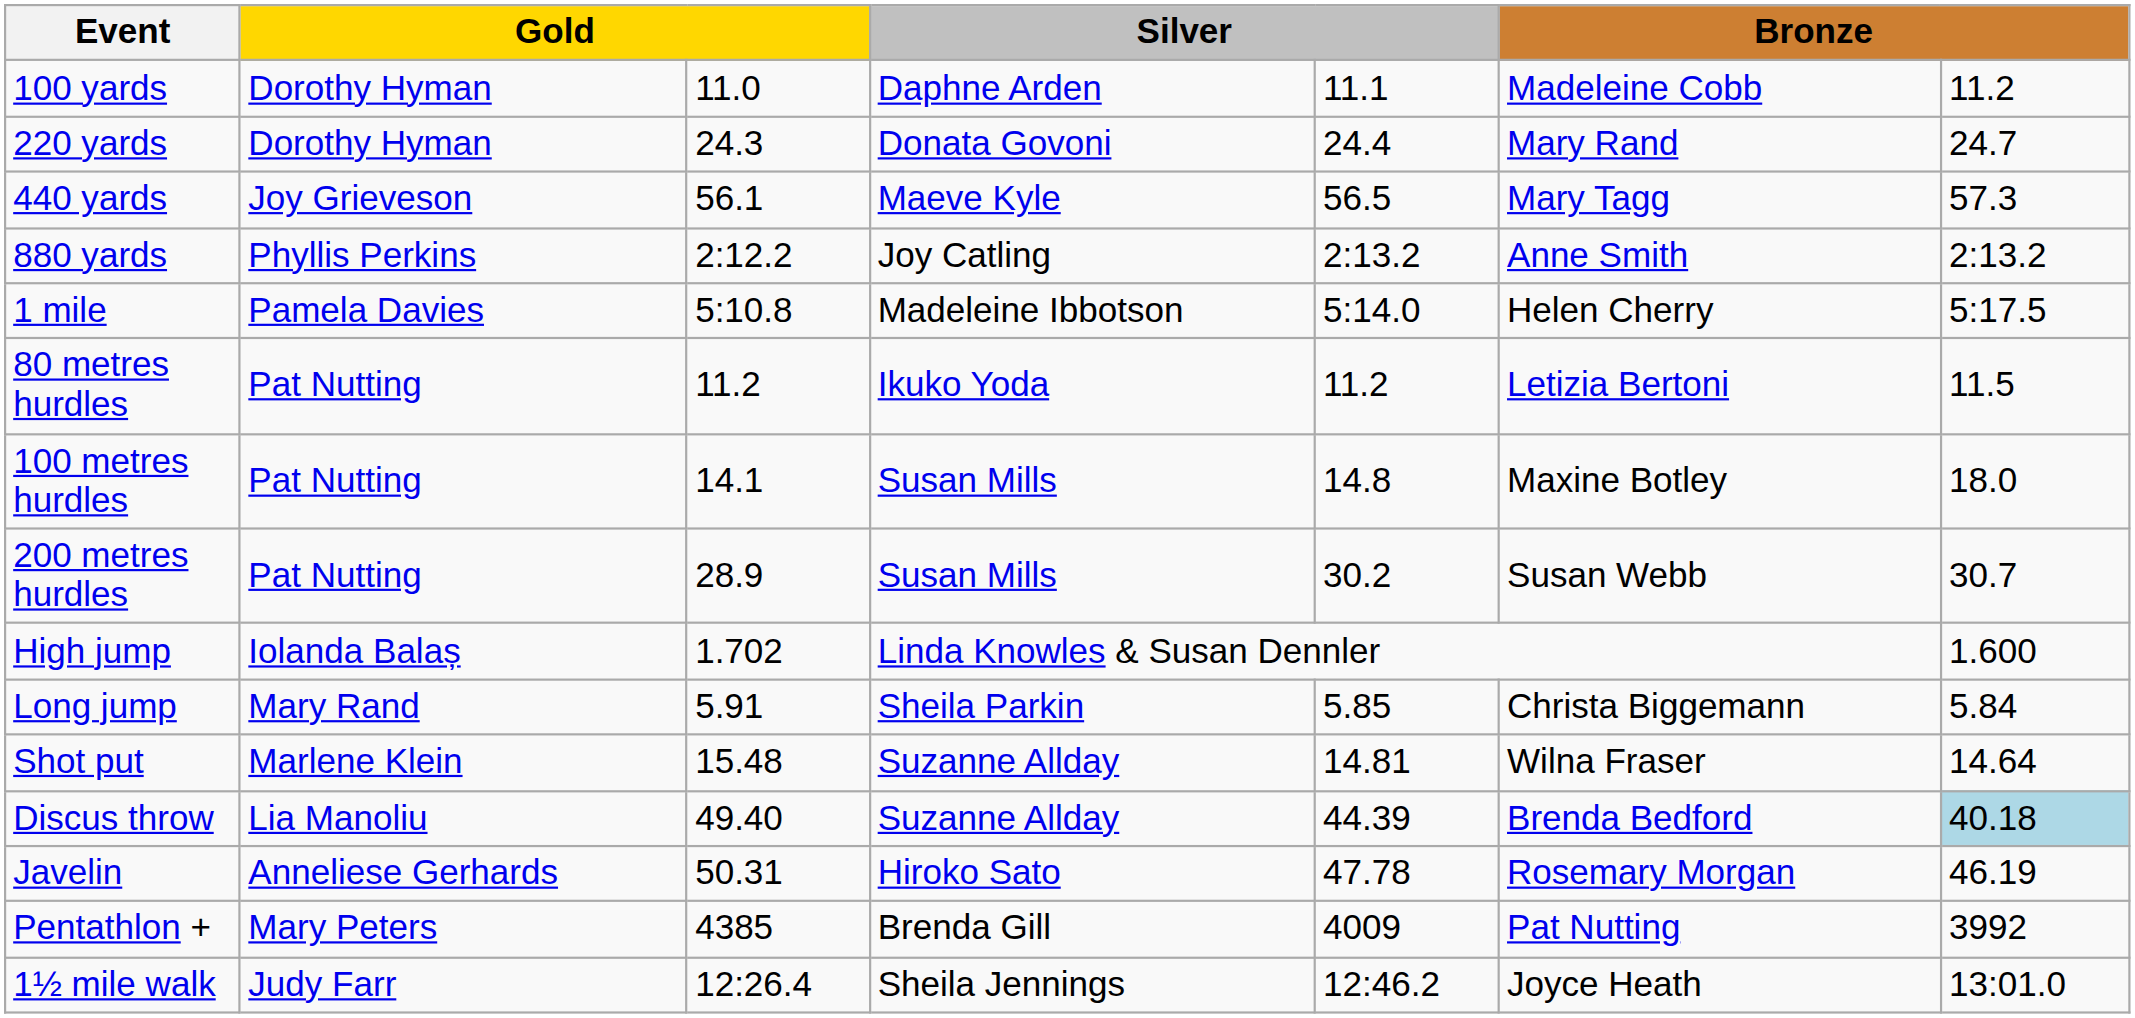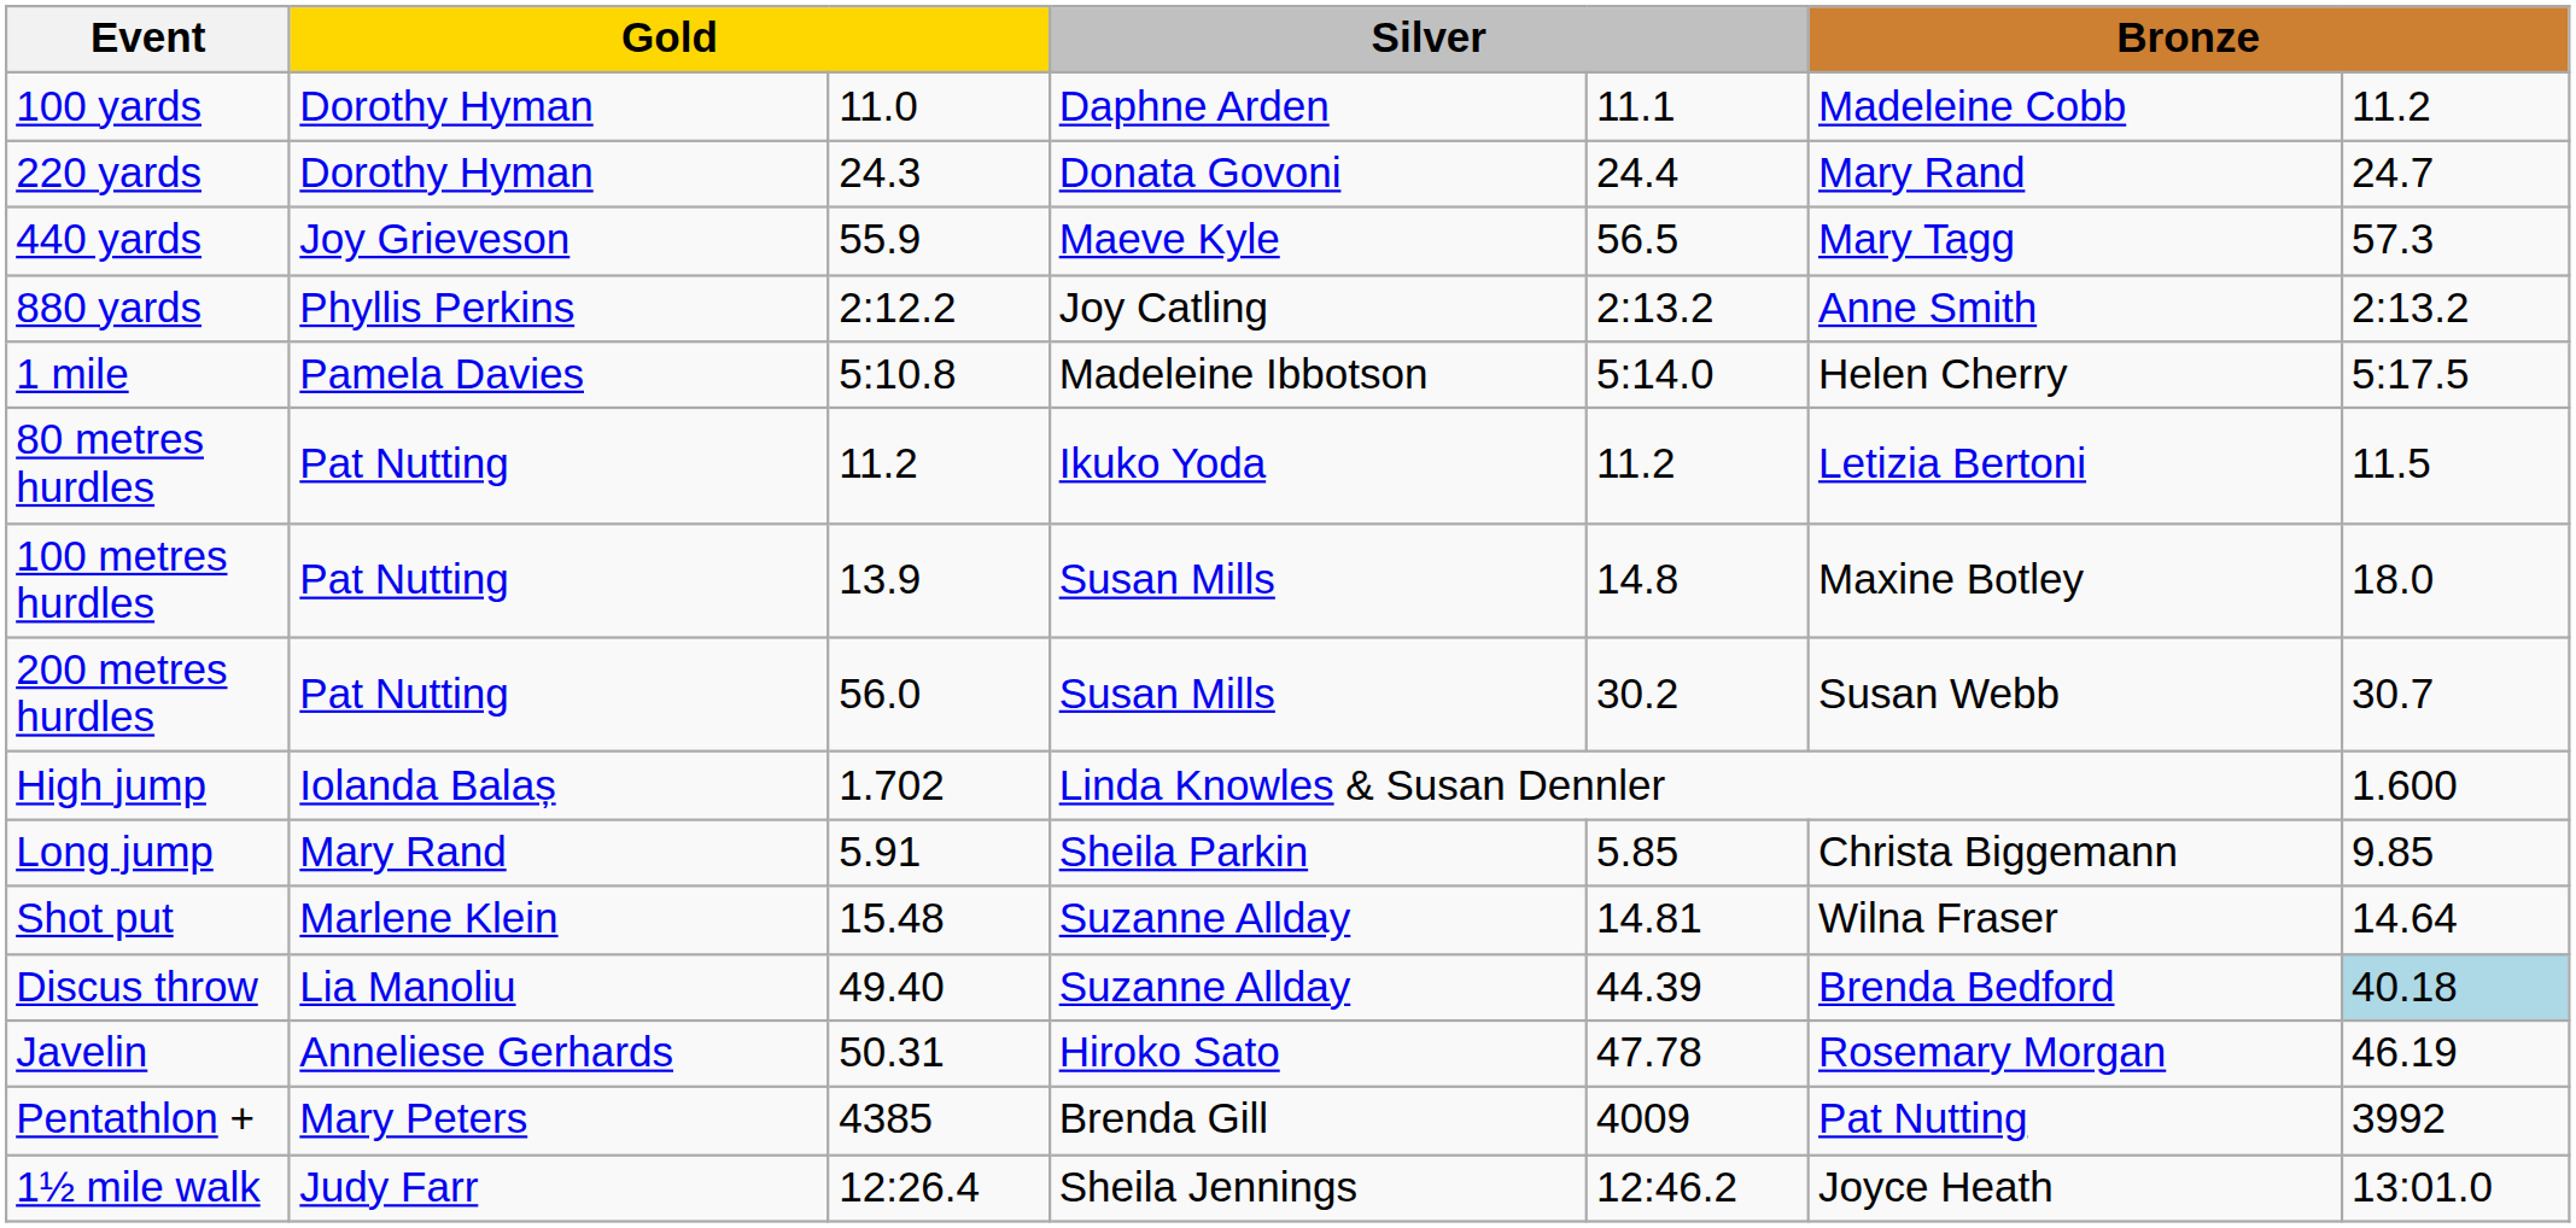 <table class="wikitable" style="text-align:left">
 <tr>
 <th width=100>Event</th>
 <th colspan="2" width="280" style="background:gold;">Gold</th>
 <th colspan="2" width="280" style="background:silver;">Silver</th>
 <th colspan="2" width="280" style="background:#CD7F32;">Bronze</th>
 </tr>
 <tr>
 <td><a href='#'>100 yards</a></td>
 <td><a href='#'>Dorothy Hyman</a></td>
 <td>11.0</td>
 <td><a href='#'>Daphne Arden</a></td>
 <td>11.1</td>
 <td><a href='#'>Madeleine Cobb</a></td>
 <td>11.2</td>
 </tr>
 <tr>
 <td><a href='#'>220 yards</a></td>
 <td><a href='#'>Dorothy Hyman</a></td>
 <td>24.3</td>
 <td> <a href='#'>Donata Govoni</a></td>
 <td>24.4</td>
 <td><a href='#'>Mary Rand</a></td>
 <td>24.7</td>
 </tr>
 <tr>
 <td><a href='#'>440 yards</a></td>
 <td><a href='#'>Joy Grieveson</a></td>
-<td>56.1</td>
+<td>55.9</td>
 <td> <a href='#'>Maeve Kyle</a></td>
 <td>56.5</td>
 <td><a href='#'>Mary Tagg</a></td>
 <td>57.3</td>
 </tr>
 <tr>
 <td><a href='#'>880 yards</a></td>
 <td><a href='#'>Phyllis Perkins</a></td>
 <td>2:12.2</td>
 <td>Joy Catling</td>
 <td>2:13.2</td>
 <td><a href='#'>Anne Smith</a></td>
 <td>2:13.2</td>
 </tr>
 <tr>
 <td><a href='#'>1 mile</a></td>
 <td><a href='#'>Pamela Davies</a></td>
 <td>5:10.8</td>
 <td>Madeleine Ibbotson</td>
 <td>5:14.0</td>
 <td> Helen Cherry</td>
 <td>5:17.5</td>
 </tr>
 <tr>
 <td><a href='#'>80 metres hurdles</a></td>
 <td><a href='#'>Pat Nutting</a></td>
 <td>11.2</td>
 <td> <a href='#'>Ikuko Yoda</a></td>
 <td>11.2</td>
 <td> <a href='#'>Letizia Bertoni</a></td>
 <td>11.5</td>
 </tr>
 <tr>
 <td><a href='#'>100 metres hurdles</a></td>
 <td><a href='#'>Pat Nutting</a></td>
-<td>14.1</td>
+<td>13.9</td>
 <td><a href='#'>Susan Mills</a></td>
 <td>14.8</td>
 <td>Maxine Botley</td>
 <td>18.0</td>
 </tr>
 <tr>
 <td><a href='#'>200 metres hurdles</a></td>
 <td><a href='#'>Pat Nutting</a></td>
-<td>28.9</td>
+<td>56.0</td>
 <td><a href='#'>Susan Mills</a></td>
 <td>30.2</td>
 <td>Susan Webb</td>
 <td>30.7</td>
 </tr>
 <tr>
 <td><a href='#'>High jump</a></td>
 <td> <a href='#'>Iolanda Balaș</a></td>
 <td>1.702</td>
 <td colspan=3><a href='#'>Linda Knowles</a> & Susan Dennler</td>
 <td>1.600</td>
 </tr>
 <tr>
 <td><a href='#'>Long jump</a></td>
 <td><a href='#'>Mary Rand</a></td>
 <td>5.91</td>
 <td><a href='#'>Sheila Parkin</a></td>
 <td>5.85</td>
 <td> Christa Biggemann</td>
-<td>5.84</td>
+<td>9.85</td>
 </tr>
 <tr>
 <td><a href='#'>Shot put</a></td>
 <td> <a href='#'>Marlene Klein</a></td>
 <td>15.48</td>
 <td><a href='#'>Suzanne Allday</a></td>
 <td>14.81</td>
 <td> Wilna Fraser</td>
 <td>14.64</td>
 </tr>
 <tr>
 <td><a href='#'>Discus throw</a></td>
 <td> <a href='#'>Lia Manoliu</a></td>
 <td>49.40</td>
 <td><a href='#'>Suzanne Allday</a></td>
 <td>44.39</td>
 <td><a href='#'>Brenda Bedford</a></td>
 <td style="background: lightblue;">40.18</td>
 </tr>
 <tr>
 <td><a href='#'>Javelin</a></td>
 <td> <a href='#'>Anneliese Gerhards</a></td>
 <td>50.31</td>
 <td> <a href='#'>Hiroko Sato</a></td>
 <td>47.78</td>
 <td><a href='#'>Rosemary Morgan</a></td>
 <td>46.19</td>
 </tr>
 <tr>
 <td><a href='#'>Pentathlon</a> +</td>
 <td> <a href='#'>Mary Peters</a></td>
 <td>4385</td>
 <td>Brenda Gill</td>
 <td>4009</td>
 <td><a href='#'>Pat Nutting</a></td>
 <td>3992</td>
 </tr>
 <tr>
 <td><a href='#'>1½ mile walk</a></td>
 <td><a href='#'>Judy Farr</a></td>
 <td>12:26.4</td>
 <td>Sheila Jennings</td>
 <td>12:46.2</td>
 <td>Joyce Heath</td>
 <td>13:01.0</td>
 </tr>
 </table>
